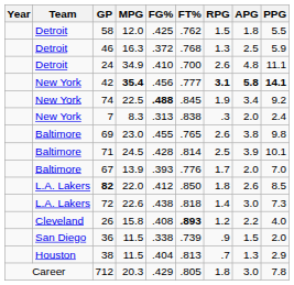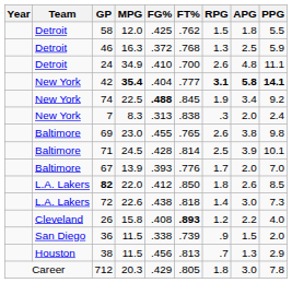 <table class="wikitable sortable" style="font-size:95%; text-align:right;">
 <tr>
 <th>Year</th>
 <th>Team</th>
 <th>GP</th>
 <th>MPG</th>
 <th>FG%</th>
 <th>FT%</th>
 <th>RPG</th>
 <th>APG</th>
 <th>PPG</th>
 </tr>
 <tr>
 <td style="text-align:left;"></td>
 <td style="text-align:left;"><a href='#'>Detroit</a></td>
 <td>58</td>
 <td>12.0</td>
 <td>.425</td>
 <td>.762</td>
 <td>1.5</td>
 <td>1.8</td>
 <td>5.5</td>
 </tr>
 <tr>
 <td style="text-align:left;"></td>
 <td style="text-align:left;"><a href='#'>Detroit</a></td>
 <td>46</td>
 <td>16.3</td>
 <td>.372</td>
 <td>.768</td>
 <td>1.3</td>
 <td>2.5</td>
 <td>5.9</td>
 </tr>
 <tr>
 <td style="text-align:left;"></td>
 <td style="text-align:left;"><a href='#'>Detroit</a></td>
 <td>24</td>
 <td>34.9</td>
 <td>.410</td>
 <td>.700</td>
 <td>2.6</td>
 <td>4.8</td>
 <td>11.1</td>
 </tr>
 <tr>
 <td style="text-align:left;"></td>
 <td style="text-align:left;"><a href='#'>New York</a></td>
 <td>42</td>
 <td><strong>35.4</strong></td>
-<td>.456</td>
+<td>.404</td>
 <td>.777</td>
 <td><strong>3.1</strong></td>
 <td><strong>5.8</strong></td>
 <td><strong>14.1</strong></td>
 </tr>
 <tr>
 <td style="text-align:left;"></td>
 <td style="text-align:left;"><a href='#'>New York</a></td>
 <td>74</td>
 <td>22.5</td>
 <td><strong>.488</strong></td>
 <td>.845</td>
 <td>1.9</td>
 <td>3.4</td>
 <td>9.2</td>
 </tr>
 <tr>
 <td style="text-align:left;"></td>
 <td style="text-align:left;"><a href='#'>New York</a></td>
 <td>7</td>
 <td>8.3</td>
 <td>.313</td>
 <td>.838</td>
 <td>.3</td>
 <td>2.0</td>
 <td>2.4</td>
 </tr>
 <tr>
 <td style="text-align:left;"></td>
 <td style="text-align:left;"><a href='#'>Baltimore</a></td>
 <td>69</td>
 <td>23.0</td>
 <td>.455</td>
 <td>.765</td>
 <td>2.6</td>
 <td>3.8</td>
 <td>9.8</td>
 </tr>
 <tr>
 <td style="text-align:left;"></td>
 <td style="text-align:left;"><a href='#'>Baltimore</a></td>
 <td>71</td>
 <td>24.5</td>
 <td>.428</td>
 <td>.814</td>
 <td>2.5</td>
 <td>3.9</td>
 <td>10.1</td>
 </tr>
 <tr>
 <td style="text-align:left;"></td>
 <td style="text-align:left;"><a href='#'>Baltimore</a></td>
 <td>67</td>
 <td>13.9</td>
 <td>.393</td>
 <td>.776</td>
 <td>1.7</td>
 <td>2.0</td>
 <td>7.0</td>
 </tr>
 <tr>
 <td style="text-align:left;"></td>
 <td style="text-align:left;"><a href='#'>L.A. Lakers</a></td>
 <td><strong>82</strong></td>
 <td>22.0</td>
 <td>.412</td>
 <td>.850</td>
 <td>1.8</td>
 <td>2.6</td>
 <td>8.5</td>
 </tr>
 <tr>
 <td style="text-align:left;"></td>
 <td style="text-align:left;"><a href='#'>L.A. Lakers</a></td>
 <td>72</td>
 <td>22.6</td>
 <td>.438</td>
 <td>.818</td>
 <td>1.4</td>
 <td>3.0</td>
 <td>7.3</td>
 </tr>
 <tr>
 <td style="text-align:left;"></td>
 <td style="text-align:left;"><a href='#'>Cleveland</a></td>
 <td>26</td>
 <td>15.8</td>
 <td>.408</td>
 <td><strong>.893</strong></td>
 <td>1.2</td>
 <td>2.2</td>
 <td>4.0</td>
 </tr>
 <tr>
 <td style="text-align:left;"></td>
 <td style="text-align:left;"><a href='#'>San Diego</a></td>
 <td>36</td>
 <td>11.5</td>
 <td>.338</td>
 <td>.739</td>
 <td>.9</td>
 <td>1.5</td>
 <td>2.0</td>
 </tr>
 <tr>
 <td style="text-align:left;"></td>
 <td style="text-align:left;"><a href='#'>Houston</a></td>
 <td>38</td>
 <td>11.5</td>
-<td>.404</td>
+<td>.456</td>
 <td>.813</td>
 <td>.7</td>
 <td>1.3</td>
 <td>2.9</td>
 </tr>
 <tr class="sortbottom">
 <td style="text-align:center;" colspan="2">Career</td>
 <td>712</td>
 <td>20.3</td>
 <td>.429</td>
 <td>.805</td>
 <td>1.8</td>
 <td>3.0</td>
 <td>7.8</td>
 </tr>
 </table>
